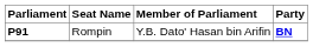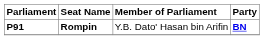 <table class="toccolours sortable" border="1" cellpadding="3" style="border-collapse:collapse; text-align: left;">
 <tr>
 <th align="center">Parliament</th>
 <th>Seat Name</th>
 <th>Member of Parliament</th>
 <th>Party</th>
 </tr>
 <tr>
 <th align="left">P91</th>
-<td>Rompin</td>
+<td><strong>Rompin</strong></td>
 <td>Y.B. Dato' Hasan bin Arifin</td>
 <td><strong><a href='#'>BN</a></strong></td>
 </tr>
 <tr>
 </tr>
 </table>
